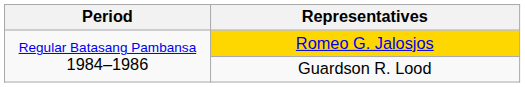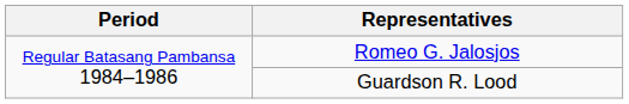 <table class="wikitable" style="text-align:center; width:40%;">
 <tr>
 <th width="40%">Period</th>
 <th>Representatives</th>
 </tr>
 <tr>
 <td rowspan="2"><small><a href='#'>Regular Batasang Pambansa</a></small><br>1984–1986</td>
-<td style="background: gold;"><a href='#'>Romeo G. Jalosjos</a></td>
+<td><a href='#'>Romeo G. Jalosjos</a></td>
 </tr>
 <tr>
 <td>Guardson R. Lood</td>
 </tr>
 </table>
